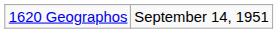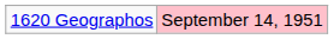 <table class="wikitable" align="right" style="margin: 1em; margin-top: 0; font-size: 0.9em;">
 <tr>
 </tr>
 <tr>
 <td><a href='#'>1620 Geographos</a></td>
-<td>September 14, 1951</td>
+<td style="background: pink;">September 14, 1951</td>
 </tr>
 </table>
